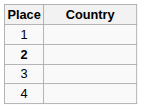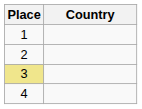 <table class="wikitable">
 <tr style="font-size:11pt;font-weight:bold" align="center" valign="bottom">
 <th width="30">Place</th>
 <th width="100">Country</th>
 </tr>
 <tr style="font-size:11pt"  align="center">
 <td>1</td>
 <td></td>
 </tr>
 <tr style="font-size:11pt"  align="center">
-<td><strong>2</strong></td>
+<td>2</td>
 <td></td>
 </tr>
 <tr style="font-size:11pt"  align="center">
-<td>3</td>
+<td style="background: khaki;">3</td>
 <td></td>
 </tr>
 <tr style="font-size:11pt"  align="center">
 <td>4</td>
 <td></td>
 </tr>
 </table>
